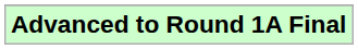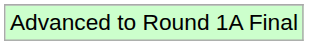 <table class="wikitable">
 <tr>
 </tr>
 <tr width=10px bgcolor="#ccffcc">
-<td><strong>Advanced to Round 1A Final</strong></td>
+<td>Advanced to Round 1A Final</td>
 </tr>
 </table>
